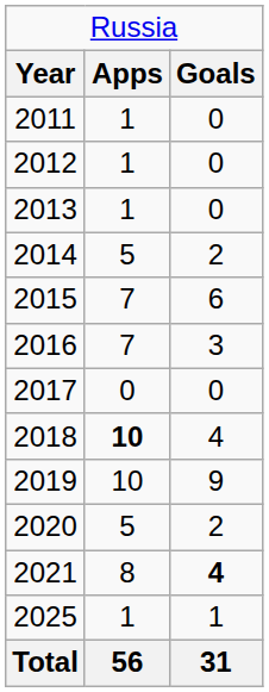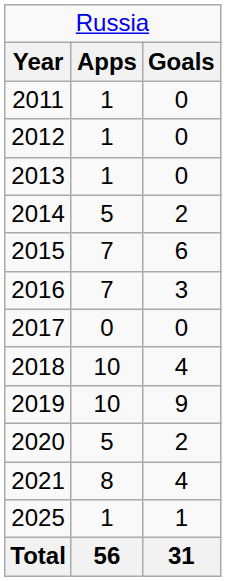 <table class="wikitable" style="text-align:center">
 <tr>
 <td colspan=3><a href='#'>Russia</a></td>
 </tr>
 <tr>
 <th>Year</th>
 <th>Apps</th>
 <th>Goals</th>
 </tr>
 <tr>
 <td>2011</td>
 <td>1</td>
 <td>0</td>
 </tr>
 <tr>
 <td>2012</td>
 <td>1</td>
 <td>0</td>
 </tr>
 <tr>
 <td>2013</td>
 <td>1</td>
 <td>0</td>
 </tr>
 <tr>
 <td>2014</td>
 <td>5</td>
 <td>2</td>
 </tr>
 <tr>
 <td>2015</td>
 <td>7</td>
 <td>6</td>
 </tr>
 <tr>
 <td>2016</td>
 <td>7</td>
 <td>3</td>
 </tr>
 <tr>
 <td>2017</td>
 <td>0</td>
 <td>0</td>
 </tr>
 <tr>
 <td>2018</td>
-<td><strong>10</strong></td>
+<td>10</td>
 <td>4</td>
 </tr>
 <tr>
 <td>2019</td>
 <td>10</td>
 <td>9</td>
 </tr>
 <tr>
 <td>2020</td>
 <td>5</td>
 <td>2</td>
 </tr>
 <tr>
 <td>2021</td>
 <td>8</td>
-<td><strong>4</strong></td>
+<td>4</td>
 </tr>
 <tr>
 <td>2025</td>
 <td>1</td>
 <td>1</td>
 </tr>
 <tr>
 <th>Total</th>
 <th>56</th>
 <th>31</th>
 </tr>
 </table>
